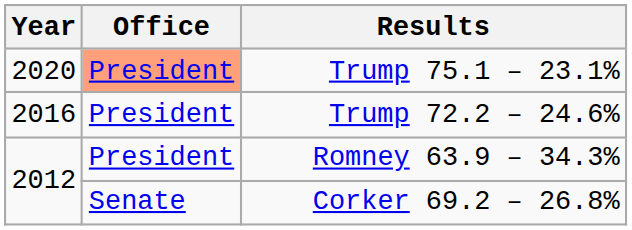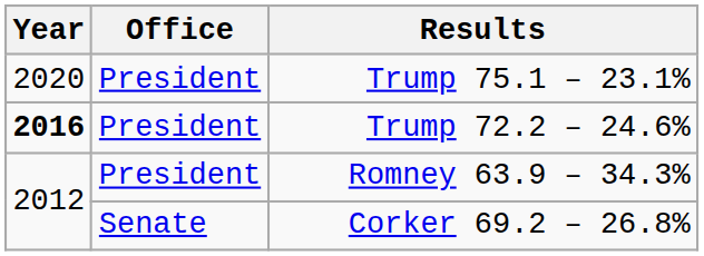 <table class=wikitable>
 <tr>
 <th width="30">Year</th>
 <th width="60">Office</th>
 <th width="180">Results</th>
 </tr>
 <tr>
 <td>2020</td>
-<td style="background: lightsalmon;"><a href='#'>President</a></td>
+<td><a href='#'>President</a></td>
 <td align="right" ><a href='#'>Trump</a> 75.1 – 23.1%</td>
 </tr>
 <tr>
-<td>2016</td>
+<td><strong>2016</strong></td>
 <td><a href='#'>President</a></td>
 <td align="right" ><a href='#'>Trump</a> 72.2 – 24.6%</td>
 </tr>
 <tr>
 <td rowspan="2">2012</td>
 <td><a href='#'>President</a></td>
 <td align="right" ><a href='#'>Romney</a> 63.9 – 34.3%</td>
 </tr>
 <tr>
 <td><a href='#'>Senate</a></td>
 <td align="right" ><a href='#'>Corker</a> 69.2 – 26.8%</td>
 </tr>
 </table>
